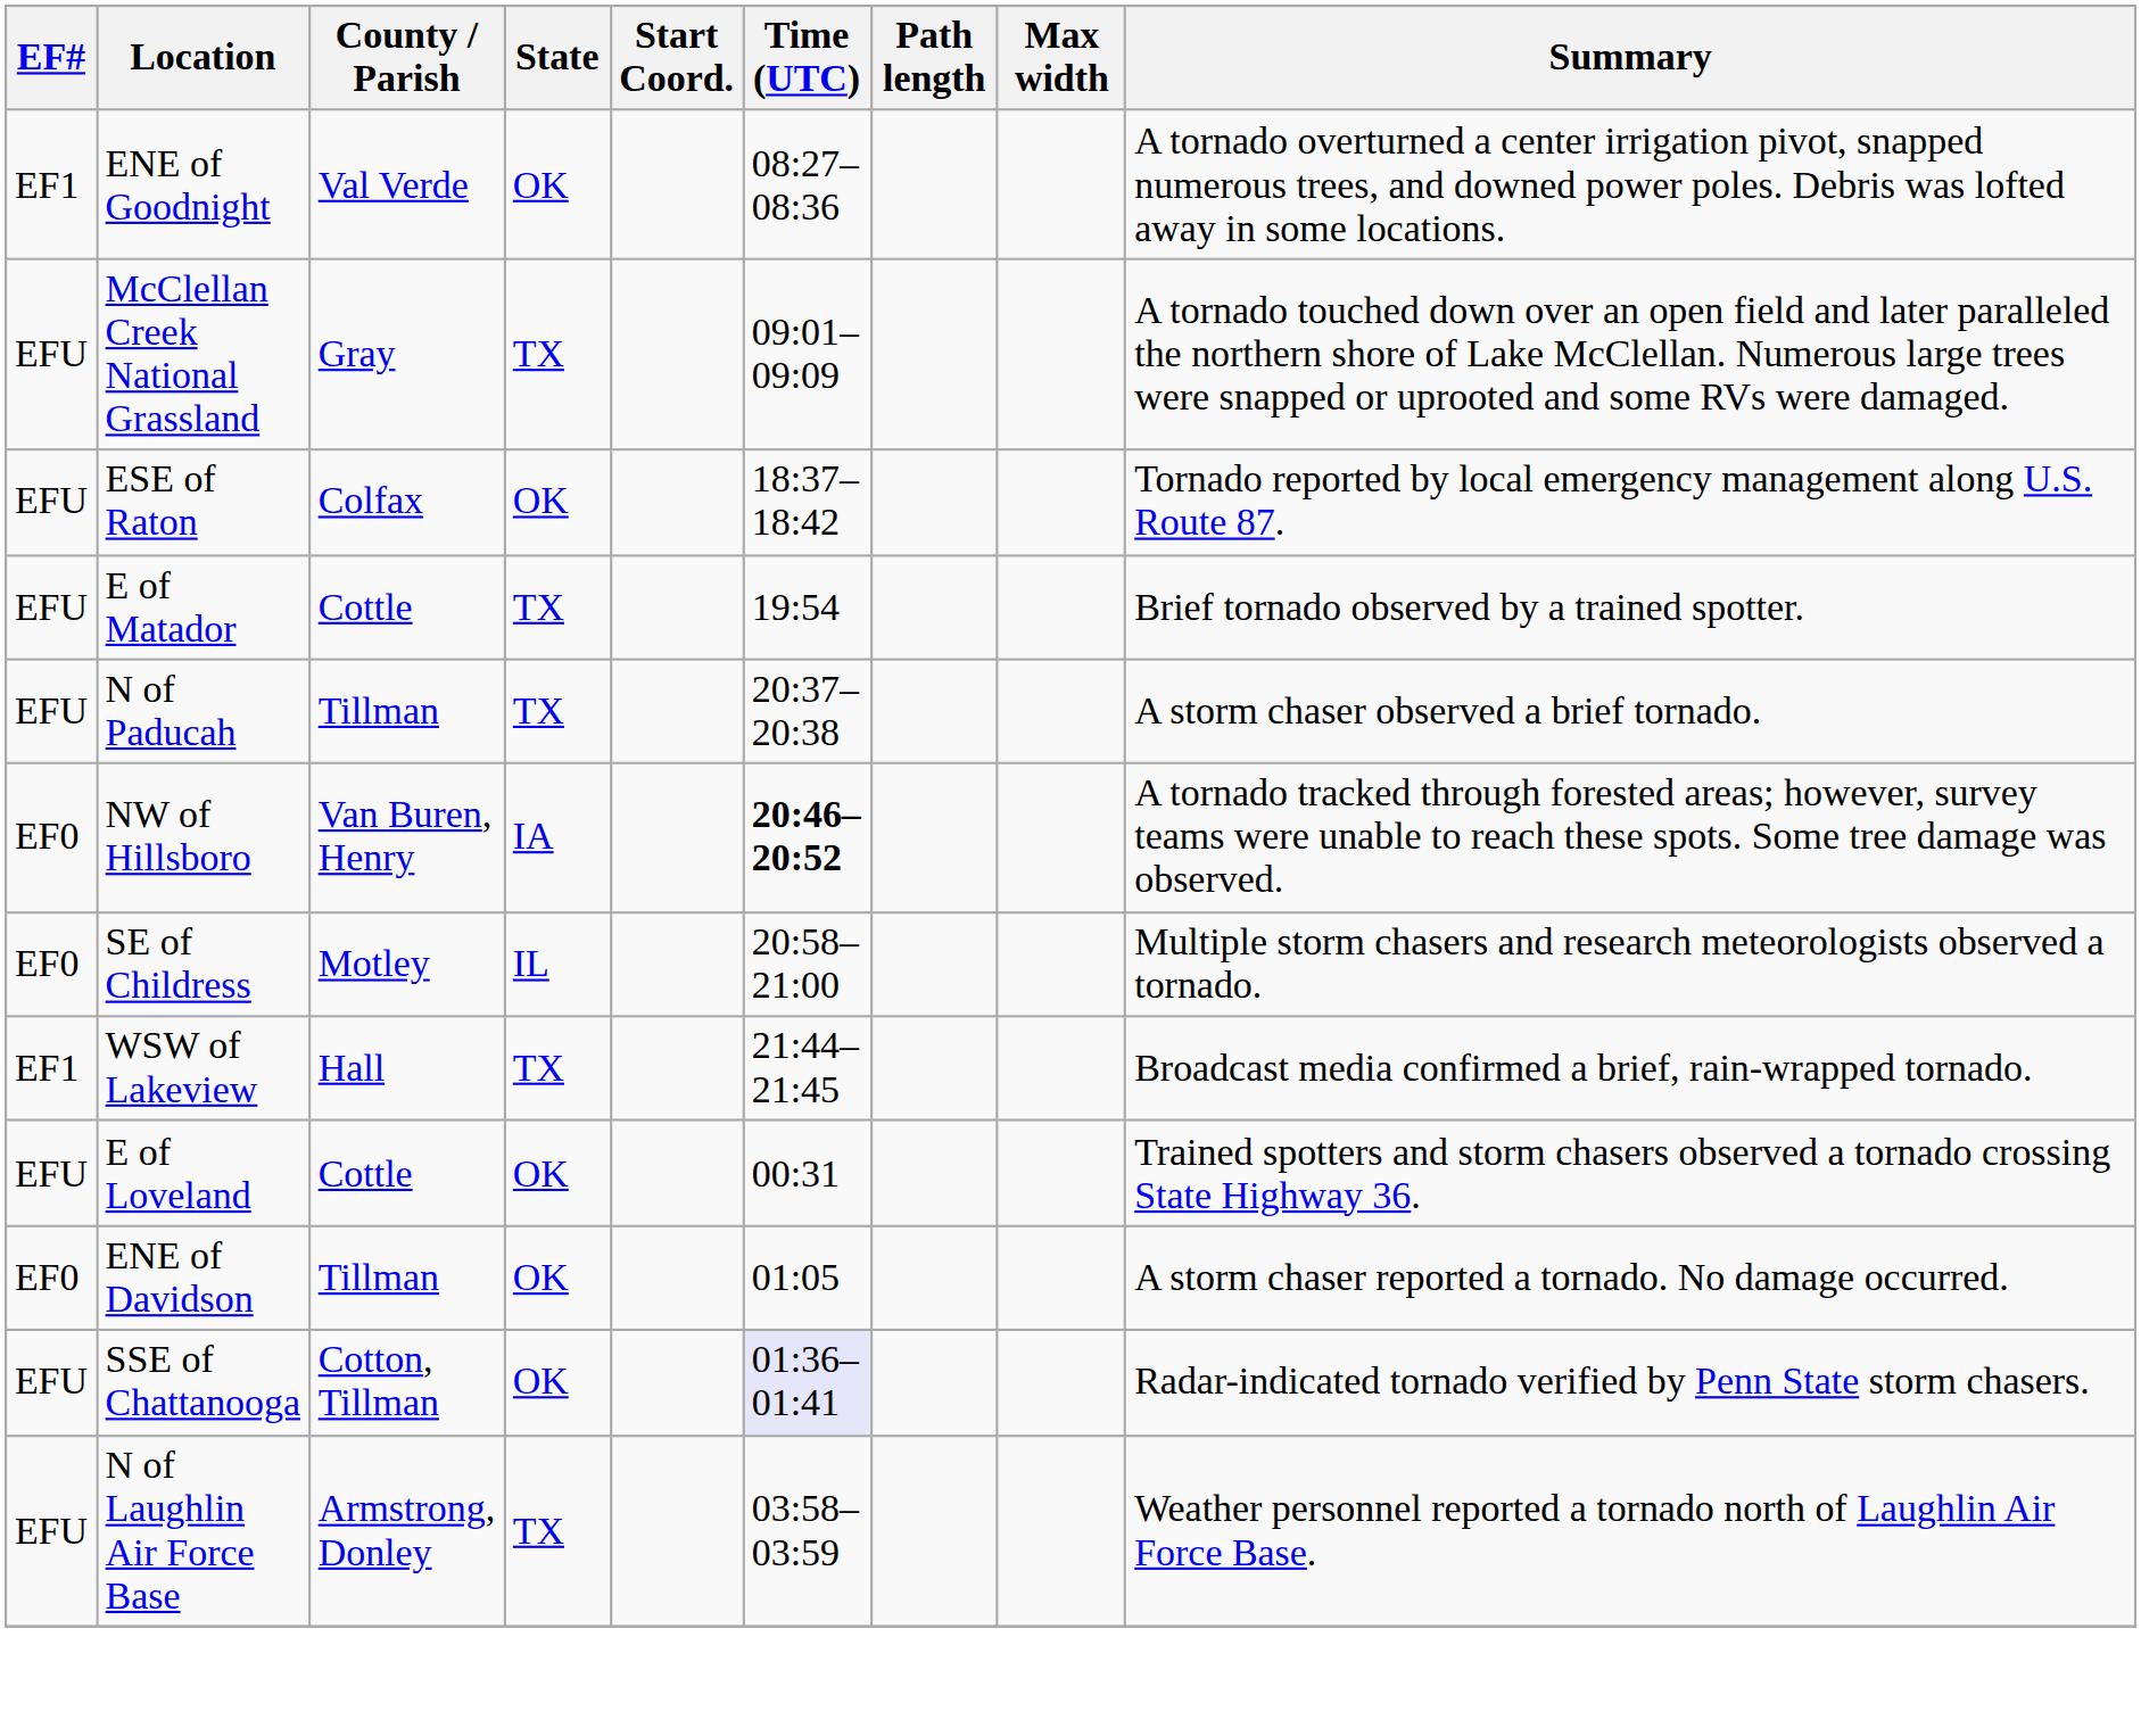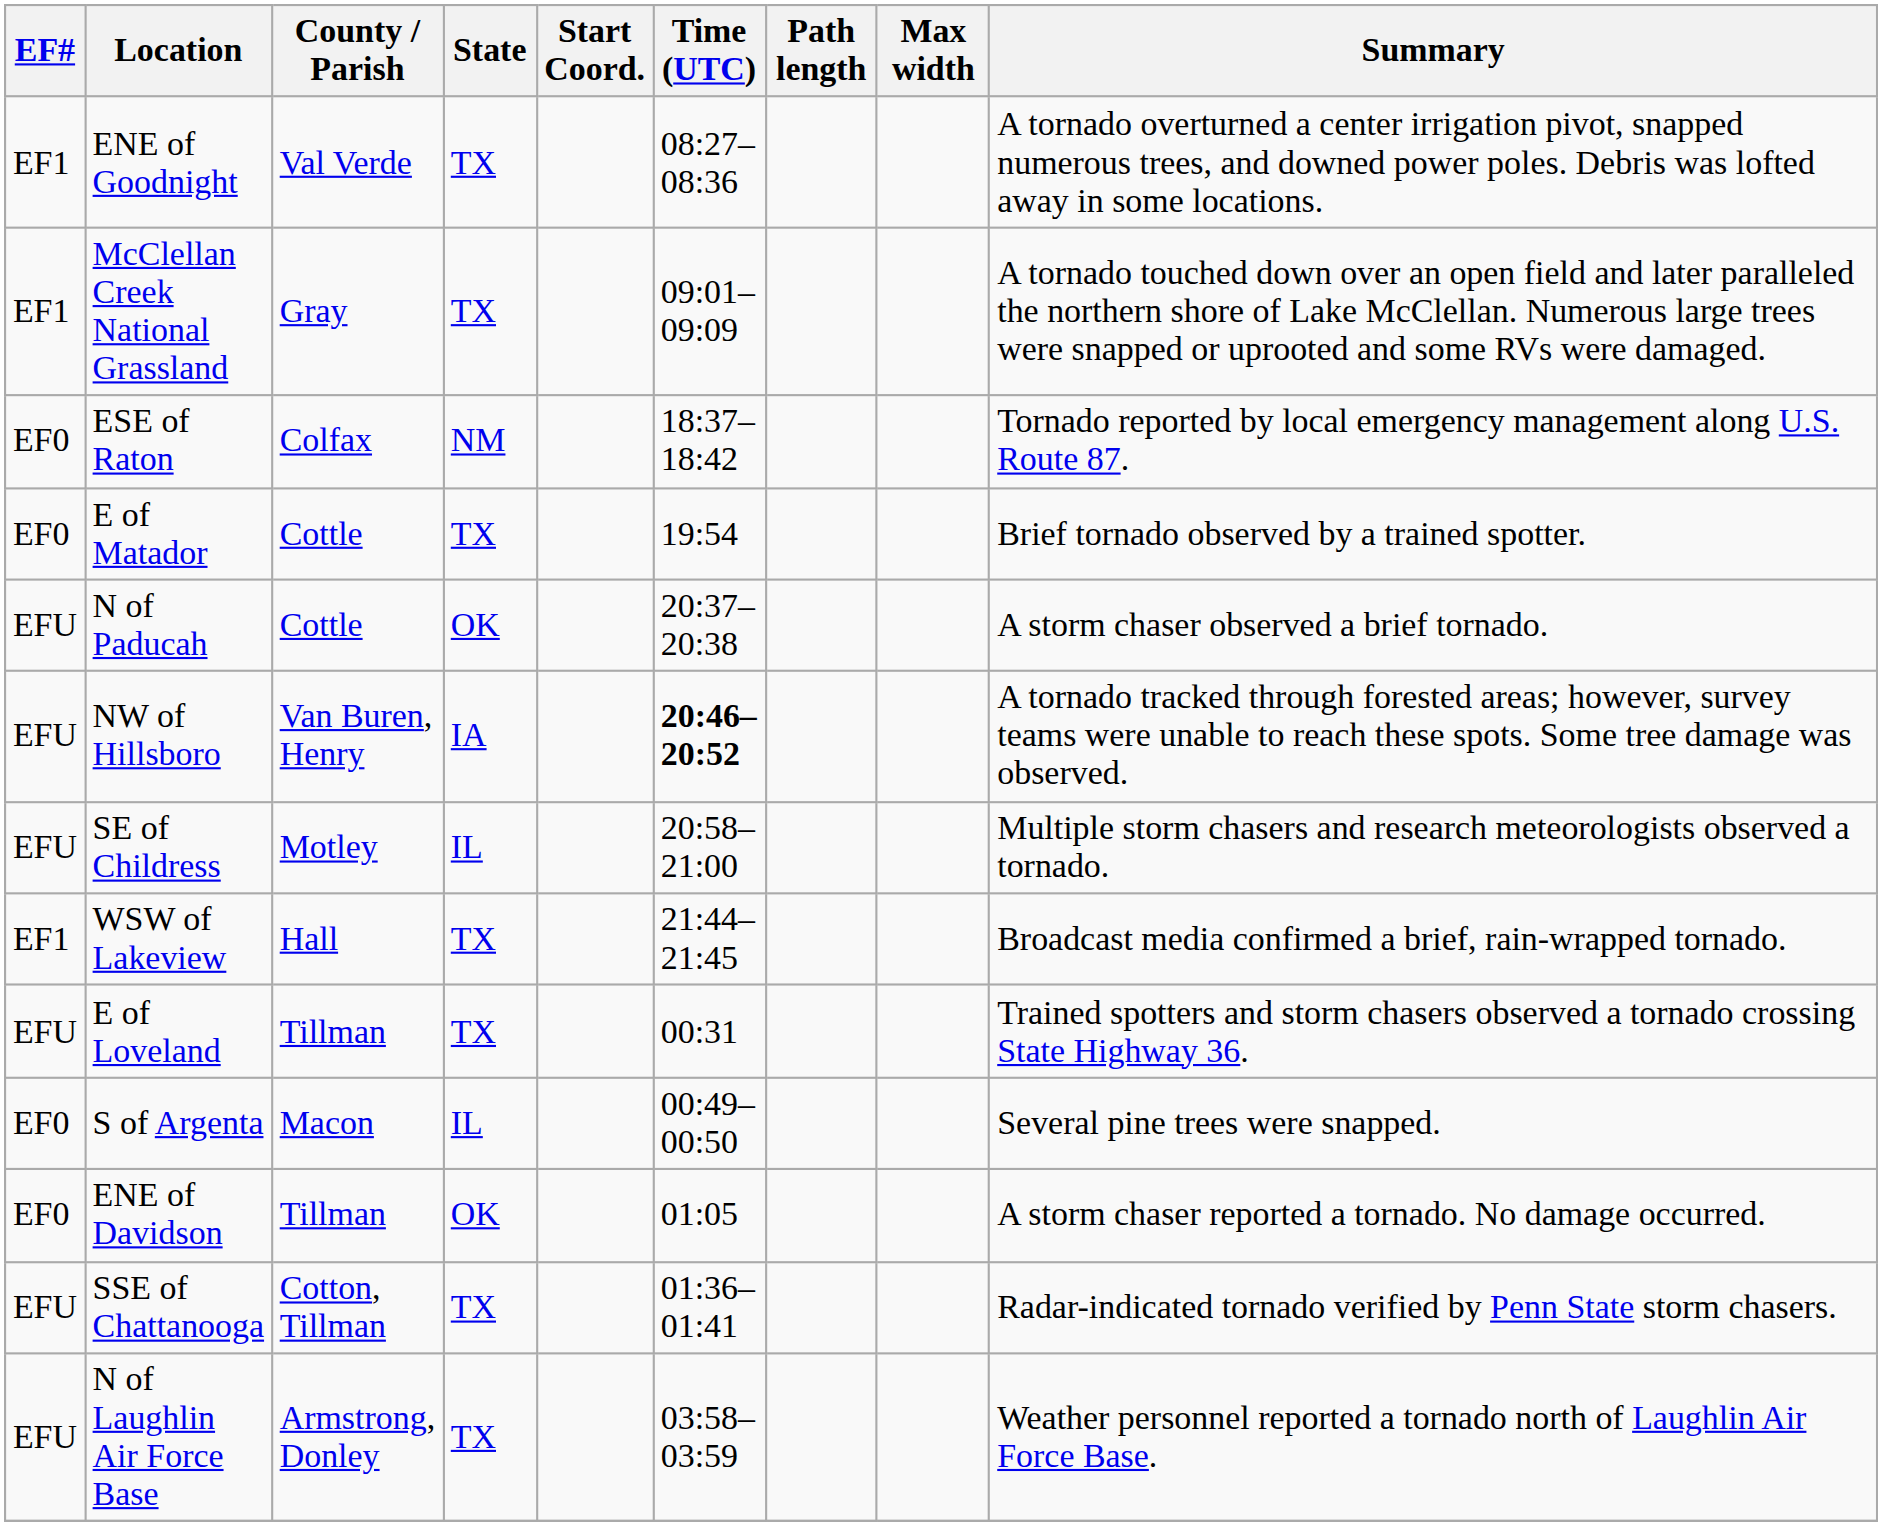 <table class="wikitable sortable" style="width:100%;">
 <tr>
 <th scope="col"  style="width:3%; text-align:center;"><a href='#'>EF#</a></th>
 <th scope="col"  style="width:7%; text-align:center;" class="unsortable">Location</th>
 <th scope="col"  style="width:6%; text-align:center;" class="unsortable">County / Parish</th>
 <th scope="col"  style="width:5%; text-align:center;">State</th>
 <th scope="col"  style="width:6%; text-align:center;">Start Coord.</th>
 <th scope="col"  style="width:6%; text-align:center;">Time (<a href='#'>UTC</a>)</th>
 <th scope="col"  style="width:6%; text-align:center;">Path length</th>
 <th scope="col"  style="width:6%; text-align:center;">Max width</th>
 <th scope="col" class="unsortable" style="width:48%; text-align:center;">Summary</th>
 </tr>
 <tr>
 <td>EF1</td>
 <td>ENE of <a href='#'>Goodnight</a></td>
 <td><a href='#'>Val Verde</a></td>
-<td><a href='#'>OK</a></td>
+<td><a href='#'>TX</a></td>
 <td></td>
 <td>08:27–08:36</td>
 <td></td>
 <td></td>
 <td>A tornado overturned a center irrigation pivot, snapped numerous trees, and downed power poles. Debris was lofted  away in some locations.</td>
 </tr>
 <tr>
-<td>EFU</td>
+<td>EF1</td>
 <td><a href='#'>McClellan Creek National Grassland</a></td>
 <td><a href='#'>Gray</a></td>
 <td><a href='#'>TX</a></td>
 <td></td>
 <td>09:01–09:09</td>
 <td></td>
 <td></td>
 <td>A tornado touched down over an open field and later paralleled the northern shore of Lake McClellan. Numerous large trees were snapped or uprooted and some RVs were damaged.</td>
 </tr>
 <tr>
-<td>EFU</td>
+<td>EF0</td>
 <td>ESE of <a href='#'>Raton</a></td>
 <td><a href='#'>Colfax</a></td>
-<td><a href='#'>OK</a></td>
+<td><a href='#'>NM</a></td>
 <td></td>
 <td>18:37–18:42</td>
 <td></td>
 <td></td>
 <td>Tornado reported by local emergency management along <a href='#'>U.S. Route 87</a>.</td>
 </tr>
 <tr>
-<td>EFU</td>
+<td>EF0</td>
 <td>E of <a href='#'>Matador</a></td>
 <td><a href='#'>Cottle</a></td>
 <td><a href='#'>TX</a></td>
 <td></td>
 <td>19:54</td>
 <td></td>
 <td></td>
 <td>Brief tornado observed by a trained spotter.</td>
 </tr>
 <tr>
 <td>EFU</td>
 <td>N of <a href='#'>Paducah</a></td>
-<td><a href='#'>Tillman</a></td>
-<td><a href='#'>TX</a></td>
+<td><a href='#'>Cottle</a></td>
+<td><a href='#'>OK</a></td>
 <td></td>
 <td>20:37–20:38</td>
 <td></td>
 <td></td>
 <td>A storm chaser observed a brief tornado.</td>
 </tr>
 <tr>
-<td>EF0</td>
+<td>EFU</td>
 <td>NW of <a href='#'>Hillsboro</a></td>
 <td><a href='#'>Van Buren</a>, <a href='#'>Henry</a></td>
 <td><a href='#'>IA</a></td>
 <td></td>
 <td><strong>20:46–20:52</strong></td>
 <td></td>
 <td></td>
 <td>A tornado tracked through forested areas; however, survey teams were unable to reach these spots. Some tree damage was observed.</td>
 </tr>
 <tr>
-<td>EF0</td>
+<td>EFU</td>
 <td>SE of <a href='#'>Childress</a></td>
 <td><a href='#'>Motley</a></td>
 <td><a href='#'>IL</a></td>
 <td></td>
 <td>20:58–21:00</td>
 <td></td>
 <td></td>
 <td>Multiple storm chasers and research meteorologists observed a tornado.</td>
 </tr>
 <tr>
 <td>EF1</td>
 <td>WSW of <a href='#'>Lakeview</a></td>
 <td><a href='#'>Hall</a></td>
 <td><a href='#'>TX</a></td>
 <td></td>
 <td>21:44–21:45</td>
 <td></td>
 <td></td>
 <td>Broadcast media confirmed a brief, rain-wrapped tornado.</td>
 </tr>
 <tr>
 <td>EFU</td>
 <td>E of <a href='#'>Loveland</a></td>
-<td><a href='#'>Cottle</a></td>
-<td><a href='#'>OK</a></td>
+<td><a href='#'>Tillman</a></td>
+<td><a href='#'>TX</a></td>
 <td></td>
 <td>00:31</td>
 <td></td>
 <td></td>
 <td>Trained spotters and storm chasers observed a tornado crossing <a href='#'>State Highway 36</a>.</td>
+</tr>
+<tr>
+<td>EF0</td>
+<td>S of <a href='#'>Argenta</a></td>
+<td><a href='#'>Macon</a></td>
+<td><a href='#'>IL</a></td>
+<td></td>
+<td>00:49–00:50</td>
+<td></td>
+<td></td>
+<td>Several pine trees were snapped.</td>
 </tr>
 <tr>
 <td>EF0</td>
 <td>ENE of <a href='#'>Davidson</a></td>
 <td><a href='#'>Tillman</a></td>
 <td><a href='#'>OK</a></td>
 <td></td>
 <td>01:05</td>
 <td></td>
 <td></td>
 <td>A storm chaser reported a tornado. No damage occurred.</td>
 </tr>
 <tr>
 <td>EFU</td>
 <td>SSE of <a href='#'>Chattanooga</a></td>
 <td><a href='#'>Cotton</a>, <a href='#'>Tillman</a></td>
-<td><a href='#'>OK</a></td>
+<td><a href='#'>TX</a></td>
 <td></td>
-<td style="background: lavender;">01:36–01:41</td>
+<td>01:36–01:41</td>
 <td></td>
 <td></td>
 <td>Radar-indicated tornado verified by <a href='#'>Penn State</a> storm chasers.</td>
 </tr>
 <tr>
 <td>EFU</td>
 <td>N of <a href='#'>Laughlin Air Force Base</a></td>
 <td><a href='#'>Armstrong</a>, <a href='#'>Donley</a></td>
 <td><a href='#'>TX</a></td>
 <td></td>
 <td>03:58–03:59</td>
 <td></td>
 <td></td>
 <td>Weather personnel reported a tornado north of <a href='#'>Laughlin Air Force Base</a>.</td>
 </tr>
 <tr>
 </tr>
 </table>
